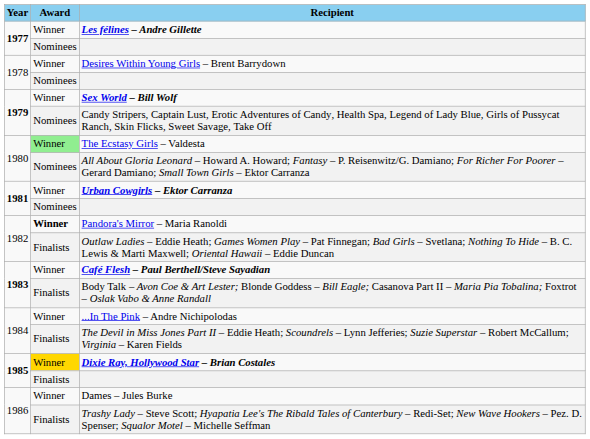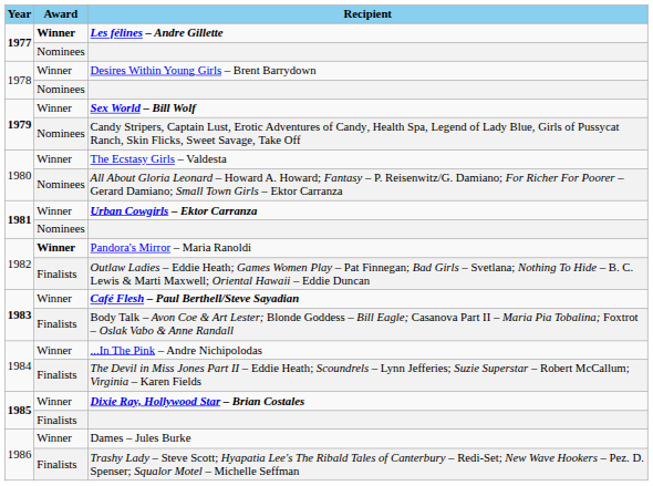 <table class="wikitable">
 <tr>
 <th style="background:#89CFF0">Year</th>
 <th style="background:#89CFF0">Award</th>
 <th style="background:#89CFF0">Recipient</th>
 </tr>
 <tr>
 <td rowspan=2><strong>1977</strong></td>
-<td>Winner</td>
+<td><strong>Winner</strong></td>
 <td><strong><em><a href='#'>Les félines</a><em> – Andre Gillette<strong></td>
 </tr>
 <tr>
 <td style="background:#F2F2F2">Nominees</td>
 <td style="background:#F2F2F2"></td>
 </tr>
 <tr>
 <td rowspan=2></strong>1978<strong></td>
 <td>Winner</td>
 <td></em></strong><a href='#'>Desires Within Young Girls</a></em> – Brent Barrydown</strong></td>
 </tr>
 <tr>
 <td style="background:#F2F2F2">Nominees</td>
 <td style="background:#F2F2F2"></td>
 </tr>
 <tr>
 <td rowspan=2><strong>1979</strong></td>
 <td>Winner</td>
 <td><strong><em><a href='#'>Sex World</a><em> – Bill Wolf<strong></td>
 </tr>
 <tr>
 <td style="background:#F2F2F2">Nominees</td>
 <td style="background:#F2F2F2"></em>Candy Stripers<em>, </em>Captain Lust<em>, </em>Erotic Adventures of Candy<em>, </em>Health Spa<em>, </em>Legend of Lady Blue<em>, </em>Girls of Pussycat Ranch<em>, </em>Skin Flicks<em>, </em>Sweet Savage<em>, </em>Take Off<em></td>
 </tr>
 <tr>
 <td rowspan=2></strong>1980<strong></td>
-<td style="background: lightgreen;">Winner</td>
+<td>Winner</td>
 <td></em></strong><a href='#'>The Ecstasy Girls</a></em> – Valdesta</strong></td>
 </tr>
 <tr>
 <td style="background:#F2F2F2">Nominees</td>
 <td style="background:#F2F2F2"><em>All About Gloria Leonard</em> – Howard A. Howard; <em>Fantasy</em> – P. Reisenwitz/G. Damiano; <em>For Richer For Poorer</em> – Gerard Damiano; <em>Small Town Girls</em> – Ektor Carranza</td>
 </tr>
 <tr>
 <td rowspan=2><strong>1981</strong></td>
 <td>Winner</td>
 <td><strong><em><a href='#'>Urban Cowgirls</a><em> – Ektor Carranza<strong></td>
 </tr>
 <tr>
 <td style="background:#F2F2F2">Nominees</td>
 <td style="background:#F2F2F2"></td>
 </tr>
 <tr>
 <td rowspan=2></strong>1982<strong></td>
 <td><strong>Winner</strong></td>
 <td></em></strong><a href='#'>Pandora's Mirror</a></em> – Maria Ranoldi</strong></td>
 </tr>
 <tr>
 <td style="background:#F2F2F2">Finalists</td>
 <td style="background:#F2F2F2"><em>Outlaw Ladies</em> – Eddie Heath; <em>Games Women Play</em> – Pat Finnegan; <em>Bad Girls</em> – Svetlana; <em>Nothing To  Hide</em> – B. C. Lewis & Marti Maxwell; <em>Oriental Hawaii</em> – Eddie Duncan</td>
 </tr>
 <tr>
 <td rowspan=2><strong>1983</strong></td>
 <td>Winner</td>
 <td><strong><em><a href='#'>Café Flesh</a><em> – Paul Berthell<strong>/</strong>Steve Sayadian<strong></td>
 </tr>
 <tr>
 <td style="background:#F2F2F2">Finalists</td>
 <td style="background:#F2F2F2"></em>Body Talk<em> – Avon Coe & Art Lester; </em>Blonde Goddess<em> – Bill Eagle; </em>Casanova Part II<em> – Maria Pia Tobalina; </em>Foxtrot<em> – Oslak Vabo & Anne Randall</td>
 </tr>
 <tr>
 <td rowspan=2></strong>1984<strong></td>
 <td>Winner</td>
 <td></em></strong><a href='#'>...In The Pink</a></em> – Andre Nichipolodas</strong></td>
 </tr>
 <tr>
 <td style="background:#F2F2F2">Finalists</td>
 <td style="background:#F2F2F2"><em>The Devil in Miss Jones Part II</em> – Eddie Heath; <em>Scoundrels</em> – Lynn Jefferies; <em>Suzie Superstar</em> – Robert McCallum; <em>Virginia</em> – Karen Fields</td>
 </tr>
 <tr>
 <td rowspan=2><strong>1985</strong></td>
-<td style="background: gold;">Winner</td>
+<td>Winner</td>
 <td><strong><em><a href='#'>Dixie Ray, Hollywood Star</a><em> – Brian Costales<strong></td>
 </tr>
 <tr>
 <td style="background:#F2F2F2">Finalists</td>
 <td style="background:#F2F2F2"></td>
 </tr>
 <tr>
 <td rowspan=2></strong>1986<strong></td>
 <td>Winner</td>
 <td></em></strong>Dames</em> – Jules Burke</strong></td>
 </tr>
 <tr>
 <td style="background:#F2F2F2">Finalists</td>
 <td style="background:#F2F2F2"><em>Trashy Lady</em> – Steve Scott; <em>Hyapatia Lee's The Ribald Tales of Canterbury</em> – Redi-Set; <em>New Wave Hookers</em> – Pez. D. Spenser; <em>Squalor Motel</em> – Michelle Seffman</td>
 </tr>
 </table>
